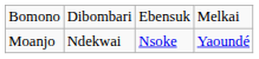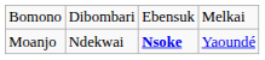 <table class="wikitable">
 <tr>
 <td>Bomono</td>
 <td>Dibombari</td>
 <td>Ebensuk</td>
 <td>Melkai</td>
 </tr>
 <tr>
 <td>Moanjo</td>
 <td>Ndekwai</td>
-<td><a href='#'>Nsoke</a></td>
+<td><strong><a href='#'>Nsoke</a></strong></td>
 <td><a href='#'>Yaoundé</a></td>
 </tr>
 </table>
